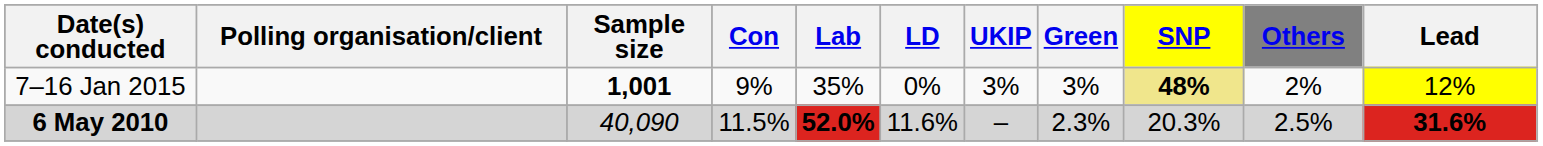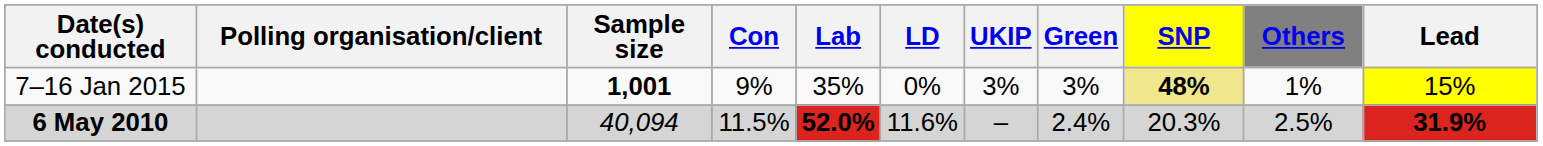 <table class="wikitable sortable" style="text-align:center;font-size:90%;line-height:14px">
 <tr>
 <th ! style="width:100px;">Date(s)<br>conducted</th>
 <th style="width:200px;">Polling organisation/client</th>
 <th class="unsortable" style="width:75px;">Sample size</th>
 <th class="unsortable" style="background:"><a href='#'><span>Con</span></a></th>
 <th class="unsortable" style="background:"><a href='#'><span>Lab</span></a></th>
 <th class="unsortable" style="background:"><a href='#'><span>LD</span></a></th>
 <th class="unsortable" style="background:"><a href='#'><span>UKIP</span></a></th>
 <th class="unsortable" style="background:"><a href='#'><span>Green</span></a></th>
 <th class="unsortable" style="background:#ffff00; width:60px;"><a href='#'><span>SNP</span></a></th>
 <th class="unsortable" style="background:gray; width:60px;"><a href='#'><span>Others</span></a></th>
 <th class="unsortable" style="width:90px;">Lead</th>
 </tr>
 <tr>
 <td>7–16 Jan 2015</td>
 <td> </td>
 <td><strong>1,001</strong></td>
 <td>9%</td>
 <td>35%</td>
 <td>0%</td>
 <td>3%</td>
 <td>3%</td>
 <td style="background:khaki"><strong>48%</strong></td>
-<td>2%</td>
-<td style="background:#ff0"><span>12% </span></td>
+<td>1%</td>
+<td style="background:#ff0"><span>15% </span></td>
 </tr>
 <tr>
 <td style="background:#D5D5D5"><strong>6 May 2010</strong></td>
 <td style="background:#D5D5D5"></td>
-<td style="background:#D5D5D5"><em>40,090</em></td>
+<td style="background:#D5D5D5"><em>40,094</em></td>
 <td style="background:#D5D5D5">11.5%</td>
 <td style="background:#dc241f"><span><strong>52.0%</strong></span></td>
 <td style="background:#D5D5D5">11.6%</td>
 <td style="background:#D5D5D5">–</td>
-<td style="background:#D5D5D5">2.3%</td>
+<td style="background:#D5D5D5">2.4%</td>
 <td style="background:#D5D5D5">20.3%</td>
 <td style="background:#D5D5D5">2.5%</td>
-<td style="background:#dc241f"><span><strong>31.6% </strong></span></td>
+<td style="background:#dc241f"><span><strong>31.9% </strong></span></td>
 </tr>
 </table>
